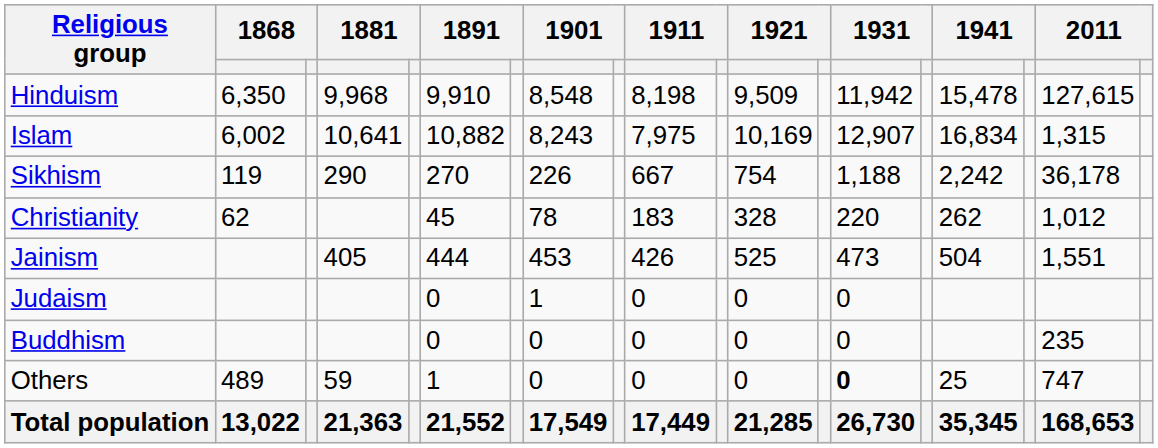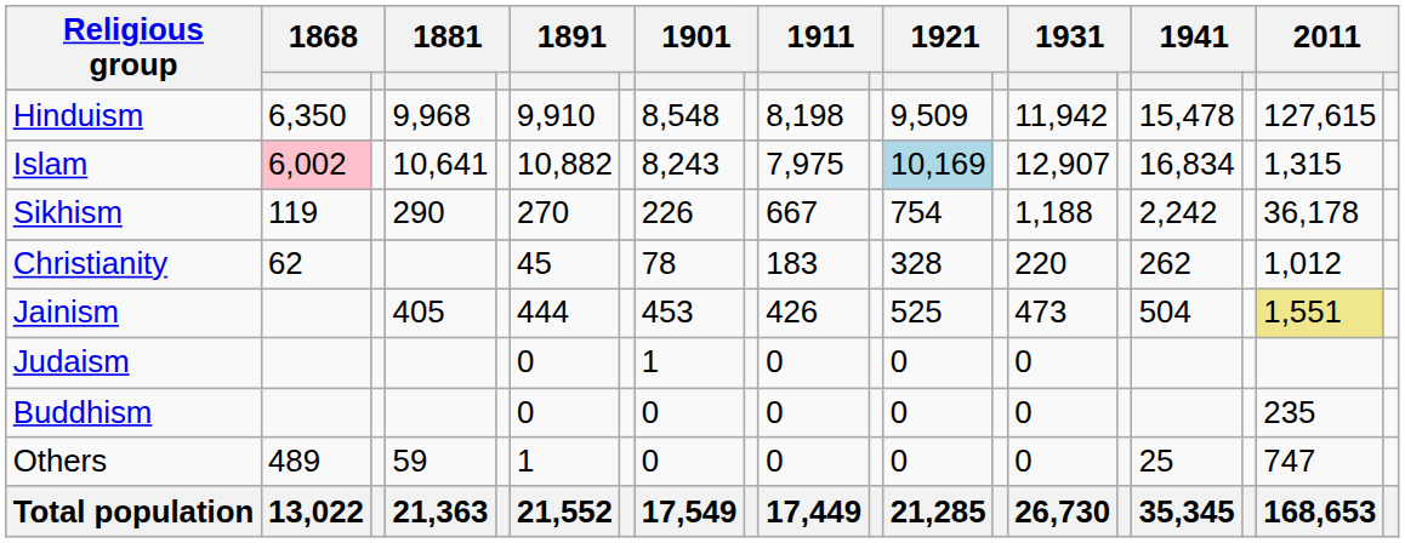 <table class="wikitable collapsible sortable">
 <tr>
 <th rowspan="2"><a href='#'>Religious</a><br>group</th>
 <th colspan="2">1868</th>
 <th colspan="2">1881</th>
 <th colspan="2">1891</th>
 <th colspan="2">1901</th>
 <th colspan="2">1911</th>
 <th colspan="2">1921</th>
 <th colspan="2">1931</th>
 <th colspan="2">1941</th>
 <th colspan="2">2011</th>
 </tr>
 <tr>
 <th><a href='#'></a></th>
 <th></th>
 <th></th>
 <th></th>
 <th></th>
 <th></th>
 <th></th>
 <th></th>
 <th></th>
 <th></th>
 <th></th>
 <th></th>
 <th></th>
 <th></th>
 <th></th>
 <th></th>
 <th></th>
 <th></th>
 </tr>
 <tr>
 <td><a href='#'>Hinduism</a> </td>
 <td>6,350</td>
 <td></td>
 <td>9,968</td>
 <td></td>
 <td>9,910</td>
 <td></td>
 <td>8,548</td>
 <td></td>
 <td>8,198</td>
 <td></td>
 <td>9,509</td>
 <td></td>
 <td>11,942</td>
 <td></td>
 <td>15,478</td>
 <td></td>
 <td>127,615</td>
 <td></td>
 </tr>
 <tr>
 <td><a href='#'>Islam</a> </td>
-<td>6,002</td>
+<td style="background: pink;">6,002</td>
 <td></td>
 <td>10,641</td>
 <td></td>
 <td>10,882</td>
 <td></td>
 <td>8,243</td>
 <td></td>
 <td>7,975</td>
 <td></td>
-<td>10,169</td>
+<td style="background: lightblue;">10,169</td>
 <td></td>
 <td>12,907</td>
 <td></td>
 <td>16,834</td>
 <td></td>
 <td>1,315</td>
 <td></td>
 </tr>
 <tr>
 <td><a href='#'>Sikhism</a> </td>
 <td>119</td>
 <td></td>
 <td>290</td>
 <td></td>
 <td>270</td>
 <td></td>
 <td>226</td>
 <td></td>
 <td>667</td>
 <td></td>
 <td>754</td>
 <td></td>
 <td>1,188</td>
 <td></td>
 <td>2,242</td>
 <td></td>
 <td>36,178</td>
 <td></td>
 </tr>
 <tr>
 <td><a href='#'>Christianity</a> </td>
 <td>62</td>
 <td></td>
 <td></td>
 <td></td>
 <td>45</td>
 <td></td>
 <td>78</td>
 <td></td>
 <td>183</td>
 <td></td>
 <td>328</td>
 <td></td>
 <td>220</td>
 <td></td>
 <td>262</td>
 <td></td>
 <td>1,012</td>
 <td></td>
 </tr>
 <tr>
 <td><a href='#'>Jainism</a> </td>
 <td></td>
 <td></td>
 <td>405</td>
 <td></td>
 <td>444</td>
 <td></td>
 <td>453</td>
 <td></td>
 <td>426</td>
 <td></td>
 <td>525</td>
 <td></td>
 <td>473</td>
 <td></td>
 <td>504</td>
 <td></td>
-<td>1,551</td>
+<td style="background: khaki;">1,551</td>
 <td></td>
 </tr>
 <tr>
 <td><a href='#'>Judaism</a> </td>
 <td></td>
 <td></td>
 <td></td>
 <td></td>
 <td>0</td>
 <td></td>
 <td>1</td>
 <td></td>
 <td>0</td>
 <td></td>
 <td>0</td>
 <td></td>
 <td>0</td>
 <td></td>
 <td></td>
 <td></td>
 <td></td>
 <td></td>
 </tr>
 <tr>
 <td><a href='#'>Buddhism</a> </td>
 <td></td>
 <td></td>
 <td></td>
 <td></td>
 <td>0</td>
 <td></td>
 <td>0</td>
 <td></td>
 <td>0</td>
 <td></td>
 <td>0</td>
 <td></td>
 <td>0</td>
 <td></td>
 <td></td>
 <td></td>
 <td>235</td>
 <td></td>
 </tr>
 <tr>
 <td>Others</td>
 <td>489</td>
 <td></td>
 <td>59</td>
 <td></td>
 <td>1</td>
 <td></td>
 <td>0</td>
 <td></td>
 <td>0</td>
 <td></td>
 <td>0</td>
 <td></td>
-<td><strong>0</strong></td>
+<td>0</td>
 <td></td>
 <td>25</td>
 <td></td>
 <td>747</td>
 <td></td>
 </tr>
 <tr>
 <th>Total population</th>
 <th>13,022</th>
 <th></th>
 <th>21,363</th>
 <th></th>
 <th>21,552</th>
 <th></th>
 <th>17,549</th>
 <th></th>
 <th>17,449</th>
 <th></th>
 <th>21,285</th>
 <th></th>
 <th>26,730</th>
 <th></th>
 <th>35,345</th>
 <th></th>
 <th>168,653</th>
 <th></th>
 </tr>
 </table>
